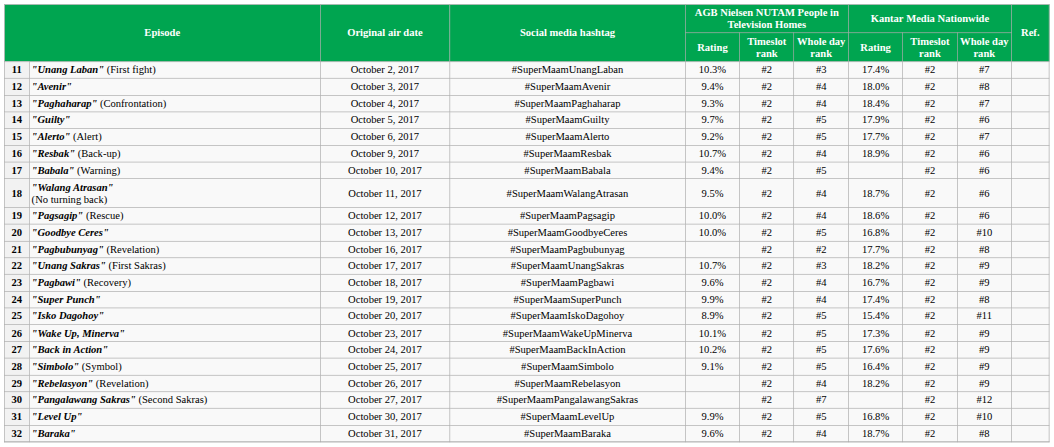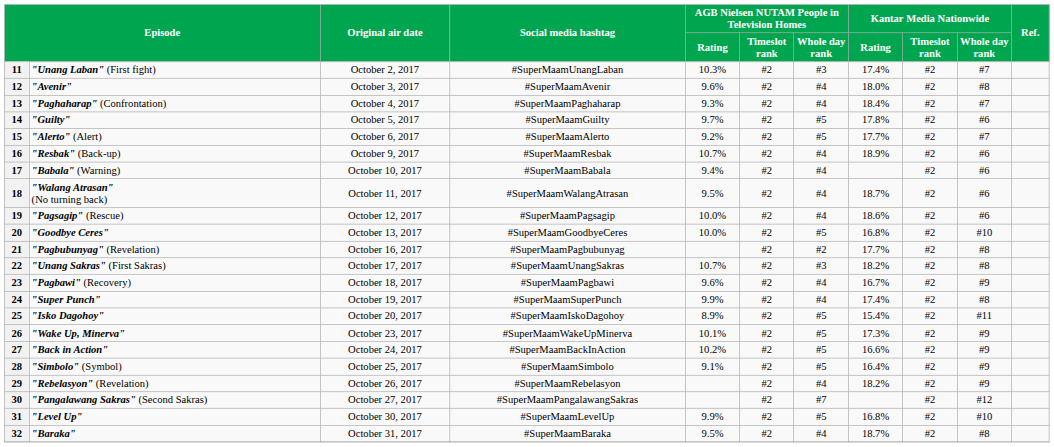 <table class="wikitable" style="text-align:center; font-size:100%; line-height:18px;" width="100%">
 <tr>
 <th style="background-color:#00A550; color:#ffffff;" colspan="2" rowspan="2">Episode</th>
 <th style="background-color:#00A550; color:white" rowspan="2">Original air date</th>
 <th style="background-color:#00A550; color:white" rowspan="2">Social media hashtag</th>
 <th style="background-color:#00A550; color:#ffffff;" colspan="3">AGB Nielsen NUTAM People in Television Homes</th>
 <th style="background-color:#00A550; color:#ffffff;" colspan="3">Kantar Media Nationwide</th>
 <th style="background-color:#00A550; color:#ffffff;" rowspan="2">Ref.</th>
 </tr>
 <tr>
 <th style="background-color:#00A550; width:75px; color:#ffffff;">Rating</th>
 <th style="background-color:#00A550; width:75px; color:#ffffff;">Timeslot<br>rank</th>
 <th style="background-color:#00A550; width:75px; color:#ffffff;">Whole day<br>rank</th>
 <th style="background-color:#00A550; width:75px; color:#ffffff;">Rating</th>
 <th style="background-color:#00A550; width:75px; color:#ffffff;">Timeslot<br>rank</th>
 <th style="background-color:#00A550; width:75px; color:#ffffff;">Whole day<br>rank</th>
 </tr>
 <tr>
 <th>11</th>
 <td style="text-align: left;"><strong><em>"Unang Laban"</em></strong> (First fight)</td>
 <td>October 2, 2017</td>
 <td>#SuperMaamUnangLaban</td>
 <td>10.3%</td>
 <td>#2</td>
 <td>#3</td>
 <td>17.4%</td>
 <td>#2</td>
 <td>#7</td>
 <td></td>
 </tr>
 <tr>
 <th>12</th>
 <td style="text-align: left;"><strong><em>"Avenir"</em></strong></td>
 <td>October 3, 2017</td>
 <td>#SuperMaamAvenir</td>
-<td>9.4%</td>
+<td>9.6%</td>
 <td>#2</td>
 <td>#4</td>
 <td>18.0%</td>
 <td>#2</td>
 <td>#8</td>
 <td></td>
 </tr>
 <tr>
 <th>13</th>
 <td style="text-align: left;"><strong><em>"Paghaharap"</em></strong> (Confrontation)</td>
 <td>October 4, 2017</td>
 <td>#SuperMaamPaghaharap</td>
 <td>9.3%</td>
 <td>#2</td>
 <td>#4</td>
 <td>18.4%</td>
 <td>#2</td>
 <td>#7</td>
 <td></td>
 </tr>
 <tr>
 <th>14</th>
 <td style="text-align: left;"><strong><em>"Guilty"</em></strong></td>
 <td>October 5, 2017</td>
 <td>#SuperMaamGuilty</td>
 <td>9.7%</td>
 <td>#2</td>
 <td>#5</td>
-<td>17.9%</td>
+<td>17.8%</td>
 <td>#2</td>
 <td>#6</td>
 <td></td>
 </tr>
 <tr>
 <th>15</th>
 <td style="text-align: left;"><strong><em>"Alerto"</em></strong> (Alert)</td>
 <td>October 6, 2017</td>
 <td>#SuperMaamAlerto</td>
 <td>9.2%</td>
 <td>#2</td>
 <td>#5</td>
 <td>17.7%</td>
 <td>#2</td>
 <td>#7</td>
 <td></td>
 </tr>
 <tr>
 <th>16</th>
 <td style="text-align: left;"><strong><em>"Resbak"</em></strong> (Back-up)</td>
 <td>October 9, 2017</td>
 <td>#SuperMaamResbak</td>
 <td>10.7%</td>
 <td>#2</td>
 <td>#4</td>
 <td>18.9%</td>
 <td>#2</td>
 <td>#6</td>
 <td></td>
 </tr>
 <tr>
 <th>17</th>
 <td style="text-align: left;"><strong><em>"Babala"</em></strong> (Warning)</td>
 <td>October 10, 2017</td>
 <td>#SuperMaamBabala</td>
 <td>9.4%</td>
 <td>#2</td>
-<td>#5</td>
+<td>#4</td>
 <td></td>
 <td>#2</td>
 <td>#6</td>
 <td></td>
 </tr>
 <tr>
 <th>18</th>
 <td style="text-align: left;"><strong><em>"Walang Atrasan"</em></strong><br>(No turning back)</td>
 <td>October 11, 2017</td>
 <td>#SuperMaamWalangAtrasan</td>
 <td>9.5%</td>
 <td>#2</td>
 <td>#4</td>
 <td>18.7%</td>
 <td>#2</td>
 <td>#6</td>
 <td></td>
 </tr>
 <tr>
 <th>19</th>
 <td style="text-align: left;"><strong><em>"Pagsagip"</em></strong> (Rescue)</td>
 <td>October 12, 2017</td>
 <td>#SuperMaamPagsagip</td>
 <td>10.0%</td>
 <td>#2</td>
 <td>#4</td>
 <td>18.6%</td>
 <td>#2</td>
 <td>#6</td>
 <td></td>
 </tr>
 <tr>
 <th>20</th>
 <td style="text-align: left;"><strong><em>"Goodbye Ceres"</em></strong></td>
 <td>October 13, 2017</td>
 <td>#SuperMaamGoodbyeCeres</td>
 <td>10.0%</td>
 <td>#2</td>
 <td>#5</td>
 <td>16.8%</td>
 <td>#2</td>
 <td>#10</td>
 <td></td>
 </tr>
 <tr>
 <th>21</th>
 <td style="text-align: left;"><strong><em>"Pagbubunyag"</em></strong> (Revelation)</td>
 <td>October 16, 2017</td>
 <td>#SuperMaamPagbubunyag</td>
 <td></td>
 <td>#2</td>
 <td>#2</td>
 <td>17.7%</td>
 <td>#2</td>
 <td>#8</td>
 <td></td>
 </tr>
 <tr>
 <th>22</th>
 <td style="text-align: left;"><strong><em>"Unang Sakras"</em></strong> (First Sakras)</td>
 <td>October 17, 2017</td>
 <td>#SuperMaamUnangSakras</td>
 <td>10.7%</td>
 <td>#2</td>
 <td>#3</td>
 <td>18.2%</td>
 <td>#2</td>
-<td>#9</td>
+<td>#8</td>
 <td></td>
 </tr>
 <tr>
 <th>23</th>
 <td style="text-align: left;"><strong><em>"Pagbawi"</em></strong> (Recovery)</td>
 <td>October 18, 2017</td>
 <td>#SuperMaamPagbawi</td>
 <td>9.6%</td>
 <td>#2</td>
 <td>#4</td>
 <td>16.7%</td>
 <td>#2</td>
 <td>#9</td>
 <td></td>
 </tr>
 <tr>
 <th>24</th>
 <td style="text-align: left;"><strong><em>"Super Punch"</em></strong></td>
 <td>October 19, 2017</td>
 <td>#SuperMaamSuperPunch</td>
 <td>9.9%</td>
 <td>#2</td>
 <td>#4</td>
 <td>17.4%</td>
 <td>#2</td>
 <td>#8</td>
 <td></td>
 </tr>
 <tr>
 <th>25</th>
 <td style="text-align: left;"><strong><em>"Isko Dagohoy"</em></strong></td>
 <td>October 20, 2017</td>
 <td>#SuperMaamIskoDagohoy</td>
 <td>8.9%</td>
 <td>#2</td>
 <td>#5</td>
 <td>15.4%</td>
 <td>#2</td>
 <td>#11</td>
 <td></td>
 </tr>
 <tr>
 <th>26</th>
 <td style="text-align: left;"><strong><em>"Wake Up, Minerva"</em></strong></td>
 <td>October 23, 2017</td>
 <td>#SuperMaamWakeUpMinerva</td>
 <td>10.1%</td>
 <td>#2</td>
 <td>#5</td>
 <td>17.3%</td>
 <td>#2</td>
 <td>#9</td>
 <td></td>
 </tr>
 <tr>
 <th>27</th>
 <td style="text-align: left;"><strong><em>"Back in Action"</em></strong></td>
 <td>October 24, 2017</td>
 <td>#SuperMaamBackInAction</td>
 <td>10.2%</td>
 <td>#2</td>
 <td>#5</td>
-<td>17.6%</td>
+<td>16.6%</td>
 <td>#2</td>
 <td>#9</td>
 <td></td>
 </tr>
 <tr>
 <th>28</th>
 <td style="text-align: left;"><strong><em>"Simbolo"</em></strong> (Symbol)</td>
 <td>October 25, 2017</td>
 <td>#SuperMaamSimbolo</td>
 <td>9.1%</td>
 <td>#2</td>
 <td>#5</td>
 <td>16.4%</td>
 <td>#2</td>
 <td>#9</td>
 <td></td>
 </tr>
 <tr>
 <th>29</th>
 <td style="text-align: left;"><strong><em>"Rebelasyon"</em></strong> (Revelation)</td>
 <td>October 26, 2017</td>
 <td>#SuperMaamRebelasyon</td>
 <td></td>
 <td>#2</td>
 <td>#4</td>
 <td>18.2%</td>
 <td>#2</td>
 <td>#9</td>
 <td></td>
 </tr>
 <tr>
 <th>30</th>
 <td style="text-align: left;"><strong><em>"Pangalawang Sakras"</em></strong> (Second Sakras)</td>
 <td>October 27, 2017</td>
 <td>#SuperMaamPangalawangSakras</td>
 <td></td>
 <td>#2</td>
 <td>#7</td>
 <td></td>
 <td>#2</td>
 <td>#12</td>
 <td></td>
 </tr>
 <tr>
 <th>31</th>
 <td style="text-align: left;"><strong><em>"Level Up"</em></strong></td>
 <td>October 30, 2017</td>
 <td>#SuperMaamLevelUp</td>
 <td>9.9%</td>
 <td>#2</td>
 <td>#5</td>
 <td>16.8%</td>
 <td>#2</td>
 <td>#10</td>
 <td></td>
 </tr>
 <tr>
 <th>32</th>
 <td style="text-align: left;"><strong><em>"Baraka"</em></strong></td>
 <td>October 31, 2017</td>
 <td>#SuperMaamBaraka</td>
-<td>9.6%</td>
+<td>9.5%</td>
 <td>#2</td>
 <td>#4</td>
 <td>18.7%</td>
 <td>#2</td>
 <td>#8</td>
 <td></td>
 </tr>
 <tr>
 </tr>
 </table>
